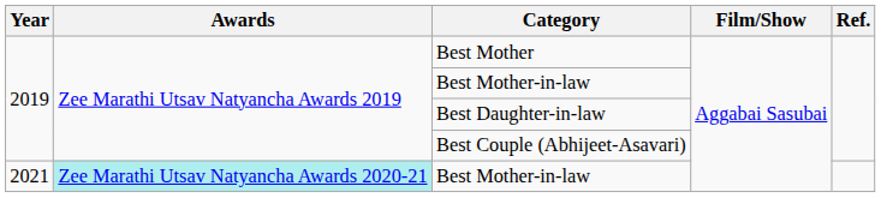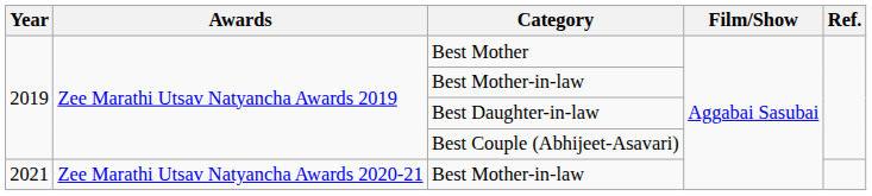 <table class="wikitable">
 <tr>
 <th>Year</th>
 <th>Awards</th>
 <th>Category</th>
 <th>Film/Show</th>
 <th>Ref.</th>
 </tr>
 <tr>
 <td rowspan="4">2019</td>
 <td rowspan="4"><a href='#'>Zee Marathi Utsav Natyancha Awards 2019</a></td>
 <td>Best Mother</td>
 <td rowspan="5"><a href='#'>Aggabai Sasubai</a></td>
 <td rowspan="4"></td>
 </tr>
 <tr>
 <td>Best Mother-in-law</td>
 </tr>
 <tr>
 <td>Best Daughter-in-law</td>
 </tr>
 <tr>
 <td>Best Couple (Abhijeet-Asavari)</td>
 </tr>
 <tr>
 <td>2021</td>
-<td style="background: paleturquoise;"><a href='#'>Zee Marathi Utsav Natyancha Awards 2020-21</a></td>
+<td><a href='#'>Zee Marathi Utsav Natyancha Awards 2020-21</a></td>
 <td>Best Mother-in-law</td>
 <td></td>
 </tr>
 </table>
